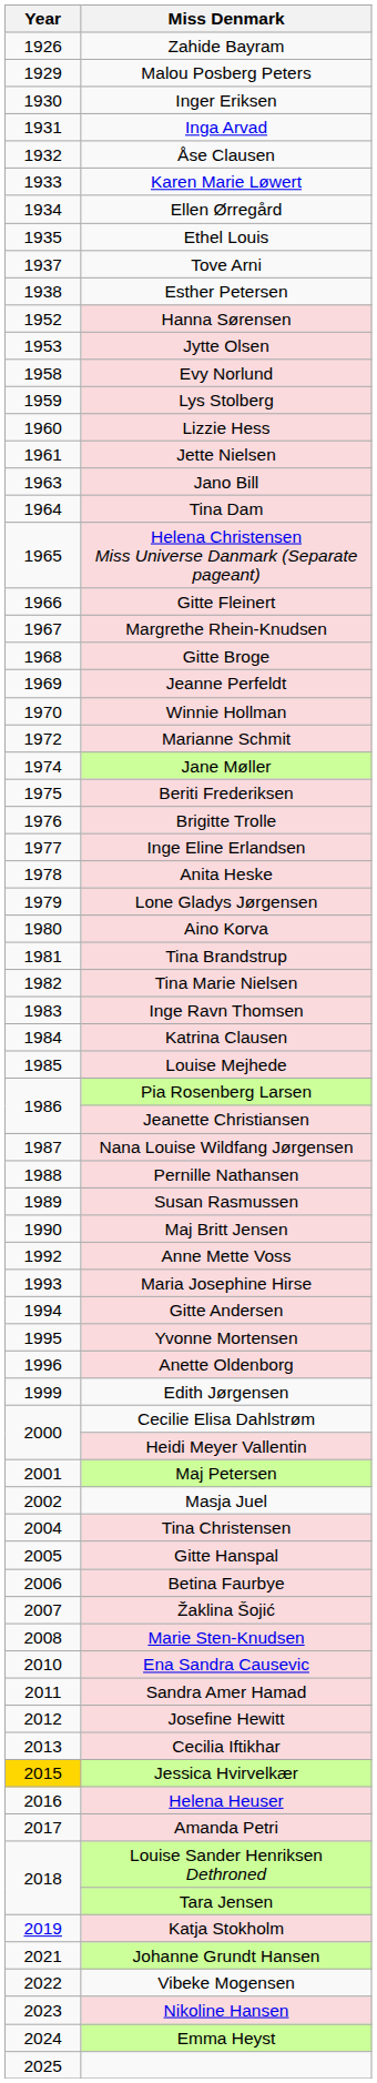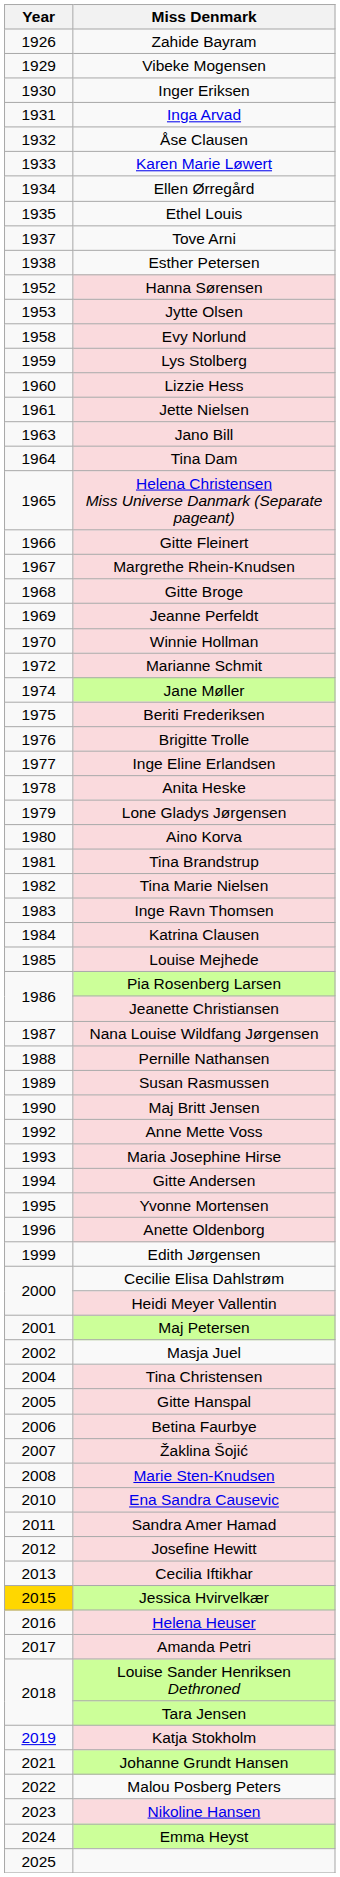 <table class="wikitable sortable" style="font-size: 95%; text-align:center">
 <tr>
 <th width="60">Year</th>
 <th width="250">Miss Denmark</th>
 </tr>
 <tr>
 <td>1926</td>
 <td>Zahide Bayram</td>
 </tr>
 <tr>
 <td>1929</td>
-<td>Malou Posberg Peters</td>
+<td>Vibeke Mogensen</td>
 </tr>
 <tr>
 <td>1930</td>
 <td>Inger Eriksen</td>
 </tr>
 <tr>
 <td>1931</td>
 <td><a href='#'>Inga Arvad</a></td>
 </tr>
 <tr>
 <td>1932</td>
 <td>Åse Clausen</td>
 </tr>
 <tr>
 <td>1933</td>
 <td><a href='#'>Karen Marie Løwert</a></td>
 </tr>
 <tr>
 <td>1934</td>
 <td>Ellen Ørregård</td>
 </tr>
 <tr>
 <td>1935</td>
 <td>Ethel Louis</td>
 </tr>
 <tr>
 <td>1937</td>
 <td>Tove Arni</td>
 </tr>
 <tr>
 <td>1938</td>
 <td>Esther Petersen</td>
 </tr>
 <tr>
 <td>1952</td>
 <td style="background:#FADADD;">Hanna Sørensen</td>
 </tr>
 <tr>
 <td>1953</td>
 <td style="background:#FADADD;">Jytte Olsen</td>
 </tr>
 <tr>
 <td>1958</td>
 <td style="background:#FADADD;">Evy Norlund</td>
 </tr>
 <tr>
 <td>1959</td>
 <td style="background:#FADADD;">Lys Stolberg</td>
 </tr>
 <tr>
 <td>1960</td>
 <td style="background:#FADADD;">Lizzie Hess</td>
 </tr>
 <tr>
 <td>1961</td>
 <td style="background:#FADADD;">Jette Nielsen</td>
 </tr>
 <tr>
 <td>1963</td>
 <td style="background:#FADADD;">Jano Bill</td>
 </tr>
 <tr>
 <td>1964</td>
 <td style="background:#FADADD;">Tina Dam</td>
 </tr>
 <tr>
 <td>1965</td>
 <td style="background:#FADADD;"><a href='#'>Helena Christensen</a><br><em>Miss Universe Danmark (Separate pageant)</em></td>
 </tr>
 <tr>
 <td>1966</td>
 <td style="background:#FADADD;">Gitte Fleinert</td>
 </tr>
 <tr>
 <td>1967</td>
 <td style="background:#FADADD;">Margrethe Rhein-Knudsen</td>
 </tr>
 <tr>
 <td>1968</td>
 <td style="background:#FADADD;">Gitte Broge</td>
 </tr>
 <tr>
 <td>1969</td>
 <td style="background:#FADADD;">Jeanne Perfeldt</td>
 </tr>
 <tr>
 <td>1970</td>
 <td style="background:#FADADD;">Winnie Hollman</td>
 </tr>
 <tr>
 <td>1972</td>
 <td style="background:#FADADD;">Marianne Schmit</td>
 </tr>
 <tr>
 <td>1974</td>
 <td style="background:#CCFF99;">Jane Møller</td>
 </tr>
 <tr>
 <td>1975</td>
 <td style="background:#FADADD;">Beriti Frederiksen</td>
 </tr>
 <tr>
 <td>1976</td>
 <td style="background:#FADADD;">Brigitte Trolle</td>
 </tr>
 <tr>
 <td>1977</td>
 <td style="background:#FADADD;">Inge Eline Erlandsen</td>
 </tr>
 <tr>
 <td>1978</td>
 <td style="background:#FADADD;">Anita Heske</td>
 </tr>
 <tr>
 <td>1979</td>
 <td style="background:#FADADD;">Lone Gladys Jørgensen</td>
 </tr>
 <tr>
 <td>1980</td>
 <td style="background:#FADADD;">Aino Korva</td>
 </tr>
 <tr>
 <td>1981</td>
 <td style="background:#FADADD;">Tina Brandstrup</td>
 </tr>
 <tr>
 <td>1982</td>
 <td style="background:#FADADD;">Tina Marie Nielsen</td>
 </tr>
 <tr>
 <td>1983</td>
 <td style="background:#FADADD;">Inge Ravn Thomsen</td>
 </tr>
 <tr>
 <td>1984</td>
 <td style="background:#FADADD;">Katrina Clausen</td>
 </tr>
 <tr>
 <td>1985</td>
 <td style="background:#FADADD;">Louise Mejhede</td>
 </tr>
 <tr>
 <td rowspan=2>1986</td>
 <td style="background:#CCFF99;">Pia Rosenberg Larsen</td>
 </tr>
 <tr>
 <td style="background:#FADADD;">Jeanette Christiansen</td>
 </tr>
 <tr>
 <td>1987</td>
 <td style="background:#FADADD;">Nana Louise Wildfang Jørgensen</td>
 </tr>
 <tr>
 <td>1988</td>
 <td style="background:#FADADD;">Pernille Nathansen</td>
 </tr>
 <tr>
 <td>1989</td>
 <td style="background:#FADADD;">Susan Rasmussen</td>
 </tr>
 <tr>
 <td>1990</td>
 <td style="background:#FADADD;">Maj Britt Jensen</td>
 </tr>
 <tr>
 <td>1992</td>
 <td style="background:#FADADD;">Anne Mette Voss</td>
 </tr>
 <tr>
 <td>1993</td>
 <td style="background:#FADADD;">Maria Josephine Hirse</td>
 </tr>
 <tr>
 <td>1994</td>
 <td style="background:#FADADD;">Gitte Andersen</td>
 </tr>
 <tr>
 <td>1995</td>
 <td style="background:#FADADD;">Yvonne Mortensen</td>
 </tr>
 <tr>
 <td>1996</td>
 <td style="background:#FADADD;">Anette Oldenborg</td>
 </tr>
 <tr>
 <td>1999</td>
 <td>Edith Jørgensen</td>
 </tr>
 <tr>
 <td rowspan=2>2000</td>
 <td>Cecilie Elisa Dahlstrøm</td>
 </tr>
 <tr>
 <td style="background:#FADADD;">Heidi Meyer Vallentin</td>
 </tr>
 <tr>
 <td>2001</td>
 <td style="background:#CCFF99;">Maj Petersen</td>
 </tr>
 <tr>
 <td>2002</td>
 <td>Masja Juel</td>
 </tr>
 <tr>
 <td>2004</td>
 <td style="background:#FADADD;">Tina Christensen</td>
 </tr>
 <tr>
 <td>2005</td>
 <td style="background:#FADADD;">Gitte Hanspal</td>
 </tr>
 <tr>
 <td>2006</td>
 <td style="background:#FADADD;">Betina Faurbye</td>
 </tr>
 <tr>
 <td>2007</td>
 <td style="background:#FADADD;">Žaklina Šojić</td>
 </tr>
 <tr>
 <td>2008</td>
 <td style="background:#FADADD;"><a href='#'>Marie Sten-Knudsen</a></td>
 </tr>
 <tr>
 <td>2010</td>
 <td style="background:#FADADD;"><a href='#'>Ena Sandra Causevic</a></td>
 </tr>
 <tr>
 <td>2011</td>
 <td style="background:#FADADD;">Sandra Amer Hamad</td>
 </tr>
 <tr>
 <td>2012</td>
 <td style="background:#FADADD;">Josefine Hewitt</td>
 </tr>
 <tr>
 <td>2013</td>
 <td style="background:#FADADD;">Cecilia Iftikhar</td>
 </tr>
 <tr>
 <td style="background: gold;">2015</td>
 <td style="background:#CCFF99;">Jessica Hvirvelkær</td>
 </tr>
 <tr>
 <td>2016</td>
 <td style="background:#FADADD;"><a href='#'>Helena Heuser</a></td>
 </tr>
 <tr>
 <td>2017</td>
 <td style="background:#FADADD;">Amanda Petri</td>
 </tr>
 <tr>
 <td rowspan=2>2018</td>
 <td style="background:#CCFF99;">Louise Sander Henriksen<br><em>Dethroned</em></td>
 </tr>
 <tr>
 <td style="background:#CCFF99;">Tara Jensen</td>
 </tr>
 <tr>
 <td><a href='#'>2019</a></td>
 <td style="background:#FADADD;">Katja Stokholm</td>
 </tr>
 <tr>
 <td>2021</td>
 <td style="background:#CCFF99;">Johanne Grundt Hansen</td>
 </tr>
 <tr>
 <td>2022</td>
-<td>Vibeke Mogensen</td>
+<td>Malou Posberg Peters</td>
 </tr>
 <tr>
 <td>2023</td>
 <td style="background:#FADADD;"><a href='#'>Nikoline Hansen</a></td>
 </tr>
 <tr>
 <td>2024</td>
 <td style="background:#CCFF99;">Emma Heyst</td>
 </tr>
 <tr>
 <td>2025</td>
 <td></td>
 </tr>
 <tr>
 </tr>
 </table>
